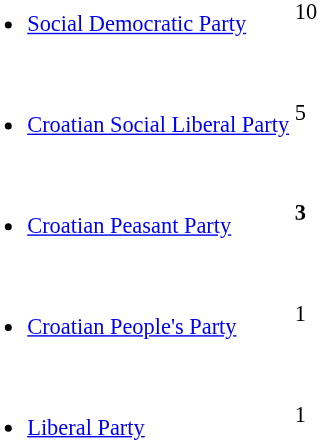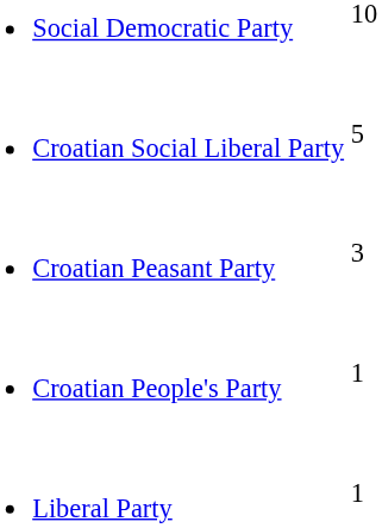 <table>
 <tr>
 <td><br><ul><li><a href='#'>Social Democratic Party</a></li></ul></td>
 <td><div>10</div></td>
 </tr>
 <tr>
 <td><br><ul><li><a href='#'>Croatian Social Liberal Party</a></li></ul></td>
 <td><div>5</div></td>
 </tr>
 <tr>
 <td><br><ul><li><a href='#'>Croatian Peasant Party</a></li></ul></td>
-<td><strong><div>3</div></strong></td>
+<td><div>3</div></td>
 </tr>
 <tr>
 <td><br><ul><li><a href='#'>Croatian People's Party</a></li></ul></td>
 <td><div>1</div></td>
 </tr>
 <tr>
 <td><br><ul><li><a href='#'>Liberal Party</a></li></ul></td>
 <td><div>1</div></td>
 </tr>
 </table>
